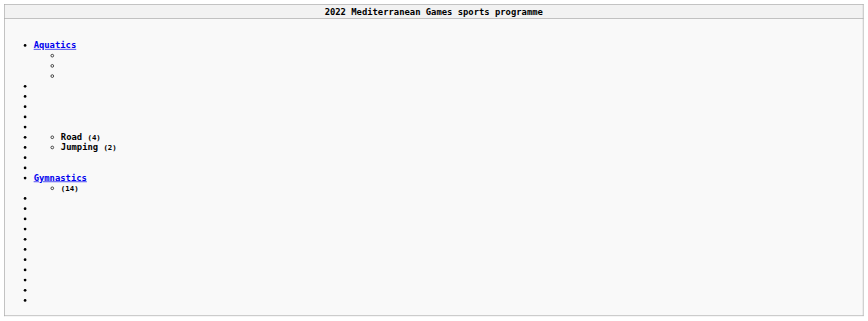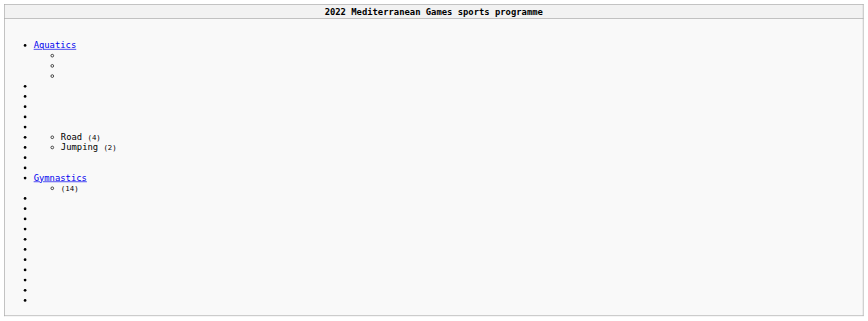 <table class="wikitable" width=100%>
 <tr>
 <th>2022 Mediterranean Games sports programme</th>
 </tr>
 <tr>
-<td><strong><br><ul><li><a href='#'>Aquatics</a><ul><li></li><li></li><li></li></ul></li><li></li><li></li><li></li><li></li><li></li><li><ul><li>Road <small>(4)</small></li></ul></li><li><ul><li>Jumping <small>(2)</small></li></ul></li><li></li><li></li><li><a href='#'>Gymnastics</a><ul><li> <small>(14)</small></li></ul></li><li></li><li></li><li></li><li></li><li></li><li></li><li></li><li></li><li></li><li></li><li></li></ul></strong></td>
+<td><br><ul><li><a href='#'>Aquatics</a><ul><li></li><li></li><li></li></ul></li><li></li><li></li><li></li><li></li><li></li><li><ul><li>Road <small>(4)</small></li></ul></li><li><ul><li>Jumping <small>(2)</small></li></ul></li><li></li><li></li><li><a href='#'>Gymnastics</a><ul><li> <small>(14)</small></li></ul></li><li></li><li></li><li></li><li></li><li></li><li></li><li></li><li></li><li></li><li></li><li></li></ul></td>
 </tr>
 </table>
